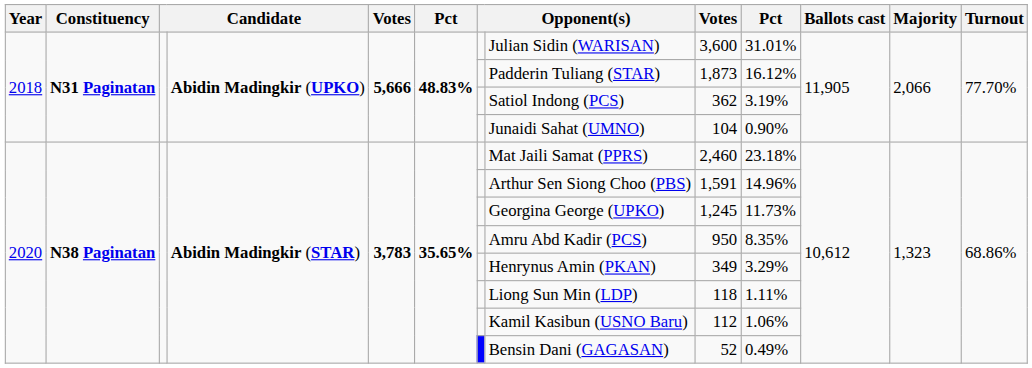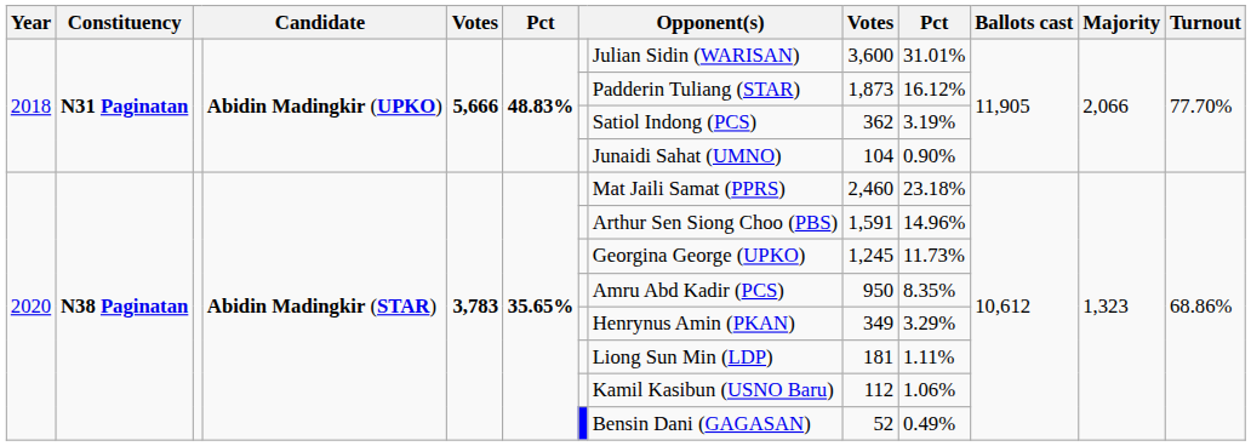 <table class="wikitable" style="margin:0.5em ; font-size:95%">
 <tr>
 <th>Year</th>
 <th>Constituency</th>
 <th colspan=2>Candidate</th>
 <th>Votes</th>
 <th>Pct</th>
 <th colspan=2>Opponent(s)</th>
 <th>Votes</th>
 <th>Pct</th>
 <th>Ballots cast</th>
 <th>Majority</th>
 <th>Turnout</th>
 </tr>
 <tr>
 <td rowspan=4><a href='#'>2018</a></td>
 <td rowspan=4><strong>N31 <a href='#'>Paginatan</a></strong></td>
 <td rowspan=4 ></td>
 <td rowspan=4><strong>Abidin Madingkir</strong> (<a href='#'><strong>UPKO</strong></a>)</td>
 <td rowspan=4 align="right"><strong>5,666</strong></td>
 <td rowspan=4><strong>48.83%</strong></td>
 <td></td>
 <td>Julian Sidin (<a href='#'>WARISAN</a>)</td>
 <td align="right">3,600</td>
 <td>31.01%</td>
 <td rowspan=4>11,905</td>
 <td rowspan=4>2,066</td>
 <td rowspan=4>77.70%</td>
 </tr>
 <tr>
 <td></td>
 <td>Padderin Tuliang (<a href='#'>STAR</a>)</td>
 <td align="right">1,873</td>
 <td>16.12%</td>
 </tr>
 <tr>
 <td></td>
 <td>Satiol Indong (<a href='#'>PCS</a>)</td>
 <td align="right">362</td>
 <td>3.19%</td>
 </tr>
 <tr>
 <td></td>
 <td>Junaidi Sahat (<a href='#'>UMNO</a>)</td>
 <td align="right">104</td>
 <td>0.90%</td>
 </tr>
 <tr>
 <td rowspan=8><a href='#'>2020</a></td>
 <td rowspan=8><strong>N38 <a href='#'>Paginatan</a></strong></td>
 <td rowspan=8 ></td>
 <td rowspan=8><strong>Abidin Madingkir</strong> (<a href='#'><strong>STAR</strong></a>)</td>
 <td rowspan=8 align="right"><strong>3,783</strong></td>
 <td rowspan=8><strong>35.65%</strong></td>
 <td></td>
 <td>Mat Jaili Samat (<a href='#'>PPRS</a>)</td>
 <td align="right">2,460</td>
 <td>23.18%</td>
 <td rowspan=8>10,612</td>
 <td rowspan=8>1,323</td>
 <td rowspan=8>68.86%</td>
 </tr>
 <tr>
 <td></td>
 <td>Arthur Sen Siong Choo (<a href='#'>PBS</a>)</td>
 <td align="right">1,591</td>
 <td>14.96%</td>
 </tr>
 <tr>
 <td></td>
 <td>Georgina George (<a href='#'>UPKO</a>)</td>
 <td align="right">1,245</td>
 <td>11.73%</td>
 </tr>
 <tr>
 <td></td>
 <td>Amru Abd Kadir (<a href='#'>PCS</a>)</td>
 <td align="right">950</td>
 <td>8.35%</td>
 </tr>
 <tr>
 <td></td>
 <td>Henrynus Amin (<a href='#'>PKAN</a>)</td>
 <td align="right">349</td>
 <td>3.29%</td>
 </tr>
 <tr>
 <td></td>
 <td>Liong Sun Min (<a href='#'>LDP</a>)</td>
-<td align="right">118</td>
+<td align="right">181</td>
 <td>1.11%</td>
 </tr>
 <tr>
 <td bgcolor=></td>
 <td>Kamil Kasibun (<a href='#'>USNO Baru</a>)</td>
 <td align="right">112</td>
 <td>1.06%</td>
 </tr>
 <tr>
 <td bgcolor=blue></td>
 <td>Bensin Dani (<a href='#'>GAGASAN</a>)</td>
 <td align="right">52</td>
 <td>0.49%</td>
 </tr>
 </table>
